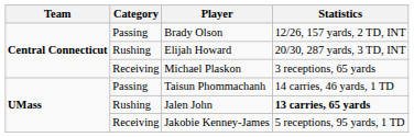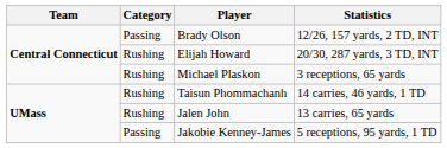 <table class="wikitable" style="float: right;">
 <tr>
 <th>Team</th>
 <th>Category</th>
 <th>Player</th>
 <th>Statistics</th>
 </tr>
 <tr>
 <td rowspan="3"><strong>Central Connecticut</strong></td>
 <td>Passing</td>
 <td>Brady Olson</td>
 <td>12/26, 157 yards, 2 TD, INT</td>
 </tr>
 <tr>
 <td>Rushing</td>
 <td>Elijah Howard</td>
 <td>20/30, 287 yards, 3 TD, INT</td>
 </tr>
 <tr>
-<td>Receiving</td>
+<td>Rushing</td>
 <td>Michael Plaskon</td>
 <td>3 receptions, 65 yards</td>
 </tr>
 <tr>
 <td rowspan="3"><strong>UMass</strong></td>
-<td>Passing</td>
+<td>Rushing</td>
 <td>Taisun Phommachanh</td>
 <td>14 carries, 46 yards, 1 TD</td>
 </tr>
 <tr>
 <td>Rushing</td>
 <td>Jalen John</td>
-<td><strong>13 carries, 65 yards</strong></td>
+<td>13 carries, 65 yards</td>
 </tr>
 <tr>
-<td>Receiving</td>
+<td>Passing</td>
 <td>Jakobie Kenney-James</td>
 <td>5 receptions, 95 yards, 1 TD</td>
 </tr>
 </table>
